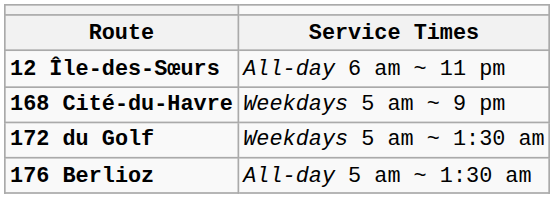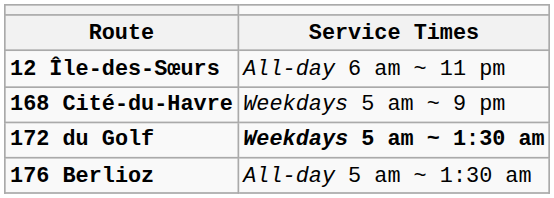 <table table align=center border=1 class="wikitable">
 <tr>
 <th style="background: #"></th>
 </tr>
 <tr>
 <th align=center>Route</th>
 <th align=center>Service Times</th>
 </tr>
 <tr>
 <td align=left><strong> 12 Île-des-Sœurs</strong></td>
 <td align=left><em>All-day</em>  6 am ~ 11 pm</td>
 </tr>
 <tr>
 <td align=left><strong> 168 Cité-du-Havre</strong></td>
 <td align=left><em>Weekdays</em>  5 am ~ 9 pm</td>
 </tr>
 <tr>
 <td align=left><strong> 172 du Golf</strong></td>
-<td align=left><em>Weekdays</em>  5 am ~ 1:30 am</td>
+<td align=left><strong><em>Weekdays</em>  5 am ~ 1:30 am</strong></td>
 </tr>
 <tr>
 <td align=left><strong> 176 Berlioz</strong></td>
 <td align=left><em>All-day</em>  5 am ~ 1:30 am</td>
 </tr>
 </table>
